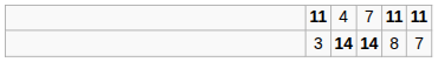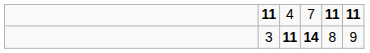 <table class="wikitable">
 <tr>
 <td style="width:18em"><strong></strong></td>
 <td align=center style="width:1em"><strong>11</strong></td>
 <td align=center style="width:1em">4</td>
 <td align=center style="width:1em">7</td>
 <td align=center style="width:1em"><strong>11</strong></td>
 <td align=center style="width:1em"><strong>11</strong></td>
 </tr>
 <tr>
 <td style="width:18em"></td>
 <td align=center style="width:1em">3</td>
-<td align=center style="width:1em"><strong>14</strong></td>
+<td align=center style="width:1em"><strong>11</strong></td>
 <td align=center style="width:1em"><strong>14</strong></td>
 <td align=center style="width:1em">8</td>
-<td align=center style="width:1em">7</td>
+<td align=center style="width:1em">9</td>
 </tr>
 </table>
